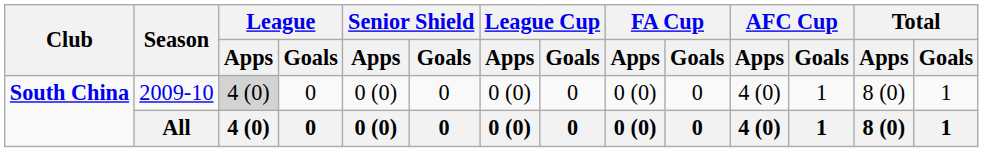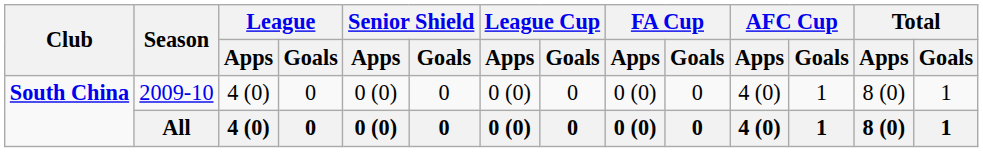 <table class="wikitable" style="text-align: center;">
 <tr>
 <th rowspan="2">Club</th>
 <th rowspan="2">Season</th>
 <th colspan="2"><a href='#'>League</a></th>
 <th colspan="2"><a href='#'>Senior Shield</a></th>
 <th colspan="2"><a href='#'>League Cup</a></th>
 <th colspan="2"><a href='#'>FA Cup</a></th>
 <th colspan="2"><a href='#'>AFC Cup</a></th>
 <th colspan="2">Total</th>
 </tr>
 <tr>
 <th>Apps</th>
 <th>Goals</th>
 <th>Apps</th>
 <th>Goals</th>
 <th>Apps</th>
 <th>Goals</th>
 <th>Apps</th>
 <th>Goals</th>
 <th>Apps</th>
 <th>Goals</th>
 <th>Apps</th>
 <th>Goals</th>
 </tr>
 <tr>
 <td rowspan="6" valign="top"><strong><a href='#'>South China</a></strong></td>
 <td><a href='#'>2009-10</a></td>
-<td style="background: lightgrey;">4 (0)</td>
+<td>4 (0)</td>
 <td>0</td>
 <td>0 (0)</td>
 <td>0</td>
 <td>0 (0)</td>
 <td>0</td>
 <td>0 (0)</td>
 <td>0</td>
 <td>4 (0)</td>
 <td>1</td>
 <td>8 (0)</td>
 <td>1</td>
 </tr>
 <tr>
 <th>All</th>
 <th>4 (0)</th>
 <th>0</th>
 <th>0 (0)</th>
 <th>0</th>
 <th>0 (0)</th>
 <th>0</th>
 <th>0 (0)</th>
 <th>0</th>
 <th>4 (0)</th>
 <th>1</th>
 <th>8 (0)</th>
 <th>1</th>
 </tr>
 </table>
